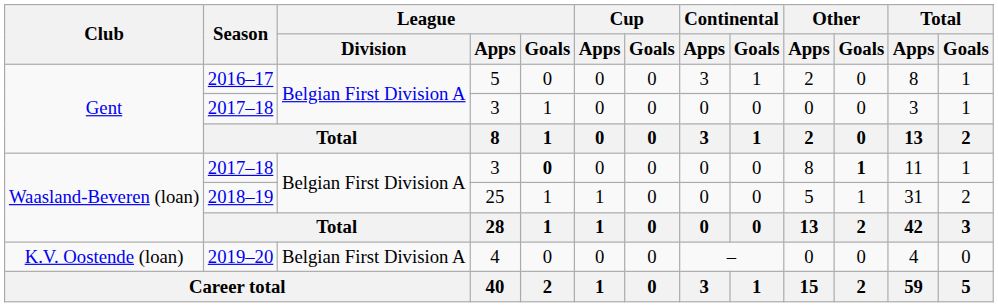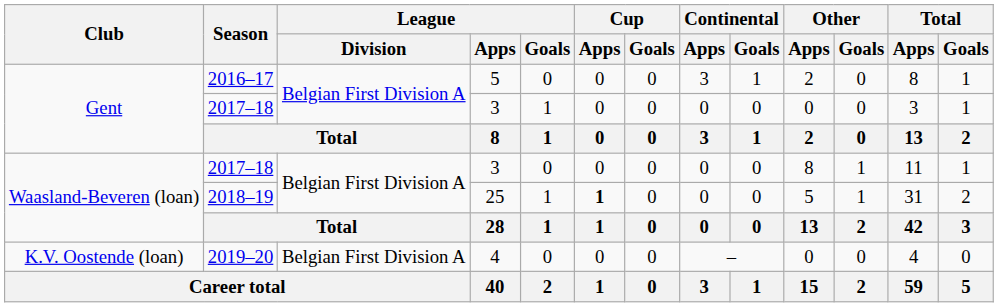 <table class="wikitable" style="text-align:center">
 <tr>
 <th rowspan="2">Club</th>
 <th rowspan="2">Season</th>
 <th colspan="3">League</th>
 <th colspan="2">Cup</th>
 <th colspan="2">Continental</th>
 <th colspan="2">Other</th>
 <th colspan="2">Total</th>
 </tr>
 <tr>
 <th>Division</th>
 <th>Apps</th>
 <th>Goals</th>
 <th>Apps</th>
 <th>Goals</th>
 <th>Apps</th>
 <th>Goals</th>
 <th>Apps</th>
 <th>Goals</th>
 <th>Apps</th>
 <th>Goals</th>
 </tr>
 <tr>
 <td rowspan="3"><a href='#'>Gent</a></td>
 <td><a href='#'>2016–17</a></td>
 <td rowspan="2"><a href='#'>Belgian First Division A</a></td>
 <td>5</td>
 <td>0</td>
 <td>0</td>
 <td>0</td>
 <td>3</td>
 <td>1</td>
 <td>2</td>
 <td>0</td>
 <td>8</td>
 <td>1</td>
 </tr>
 <tr>
 <td><a href='#'>2017–18</a></td>
 <td>3</td>
 <td>1</td>
 <td>0</td>
 <td>0</td>
 <td>0</td>
 <td>0</td>
 <td>0</td>
 <td>0</td>
 <td>3</td>
 <td>1</td>
 </tr>
 <tr>
 <th colspan="2">Total</th>
 <th>8</th>
 <th>1</th>
 <th>0</th>
 <th>0</th>
 <th>3</th>
 <th>1</th>
 <th>2</th>
 <th>0</th>
 <th>13</th>
 <th>2</th>
 </tr>
 <tr>
 <td rowspan="3"><a href='#'>Waasland-Beveren</a> (loan)</td>
 <td><a href='#'>2017–18</a></td>
 <td rowspan="2">Belgian First Division A</td>
 <td>3</td>
-<td><strong>0</strong></td>
+<td>0</td>
 <td>0</td>
 <td>0</td>
 <td>0</td>
 <td>0</td>
 <td>8</td>
-<td><strong>1</strong></td>
+<td>1</td>
 <td>11</td>
 <td>1</td>
 </tr>
 <tr>
 <td><a href='#'>2018–19</a></td>
 <td>25</td>
 <td>1</td>
-<td>1</td>
+<td><strong>1</strong></td>
 <td>0</td>
 <td>0</td>
 <td>0</td>
 <td>5</td>
 <td>1</td>
 <td>31</td>
 <td>2</td>
 </tr>
 <tr>
 <th colspan="2">Total</th>
 <th>28</th>
 <th>1</th>
 <th>1</th>
 <th>0</th>
 <th>0</th>
 <th>0</th>
 <th>13</th>
 <th>2</th>
 <th>42</th>
 <th>3</th>
 </tr>
 <tr>
 <td><a href='#'>K.V. Oostende</a> (loan)</td>
 <td><a href='#'>2019–20</a></td>
 <td>Belgian First Division A</td>
 <td>4</td>
 <td>0</td>
 <td>0</td>
 <td>0</td>
 <td colspan="2">–</td>
 <td>0</td>
 <td>0</td>
 <td>4</td>
 <td>0</td>
 </tr>
 <tr>
 <th colspan="3">Career total</th>
 <th>40</th>
 <th>2</th>
 <th>1</th>
 <th>0</th>
 <th>3</th>
 <th>1</th>
 <th>15</th>
 <th>2</th>
 <th>59</th>
 <th>5</th>
 </tr>
 </table>
